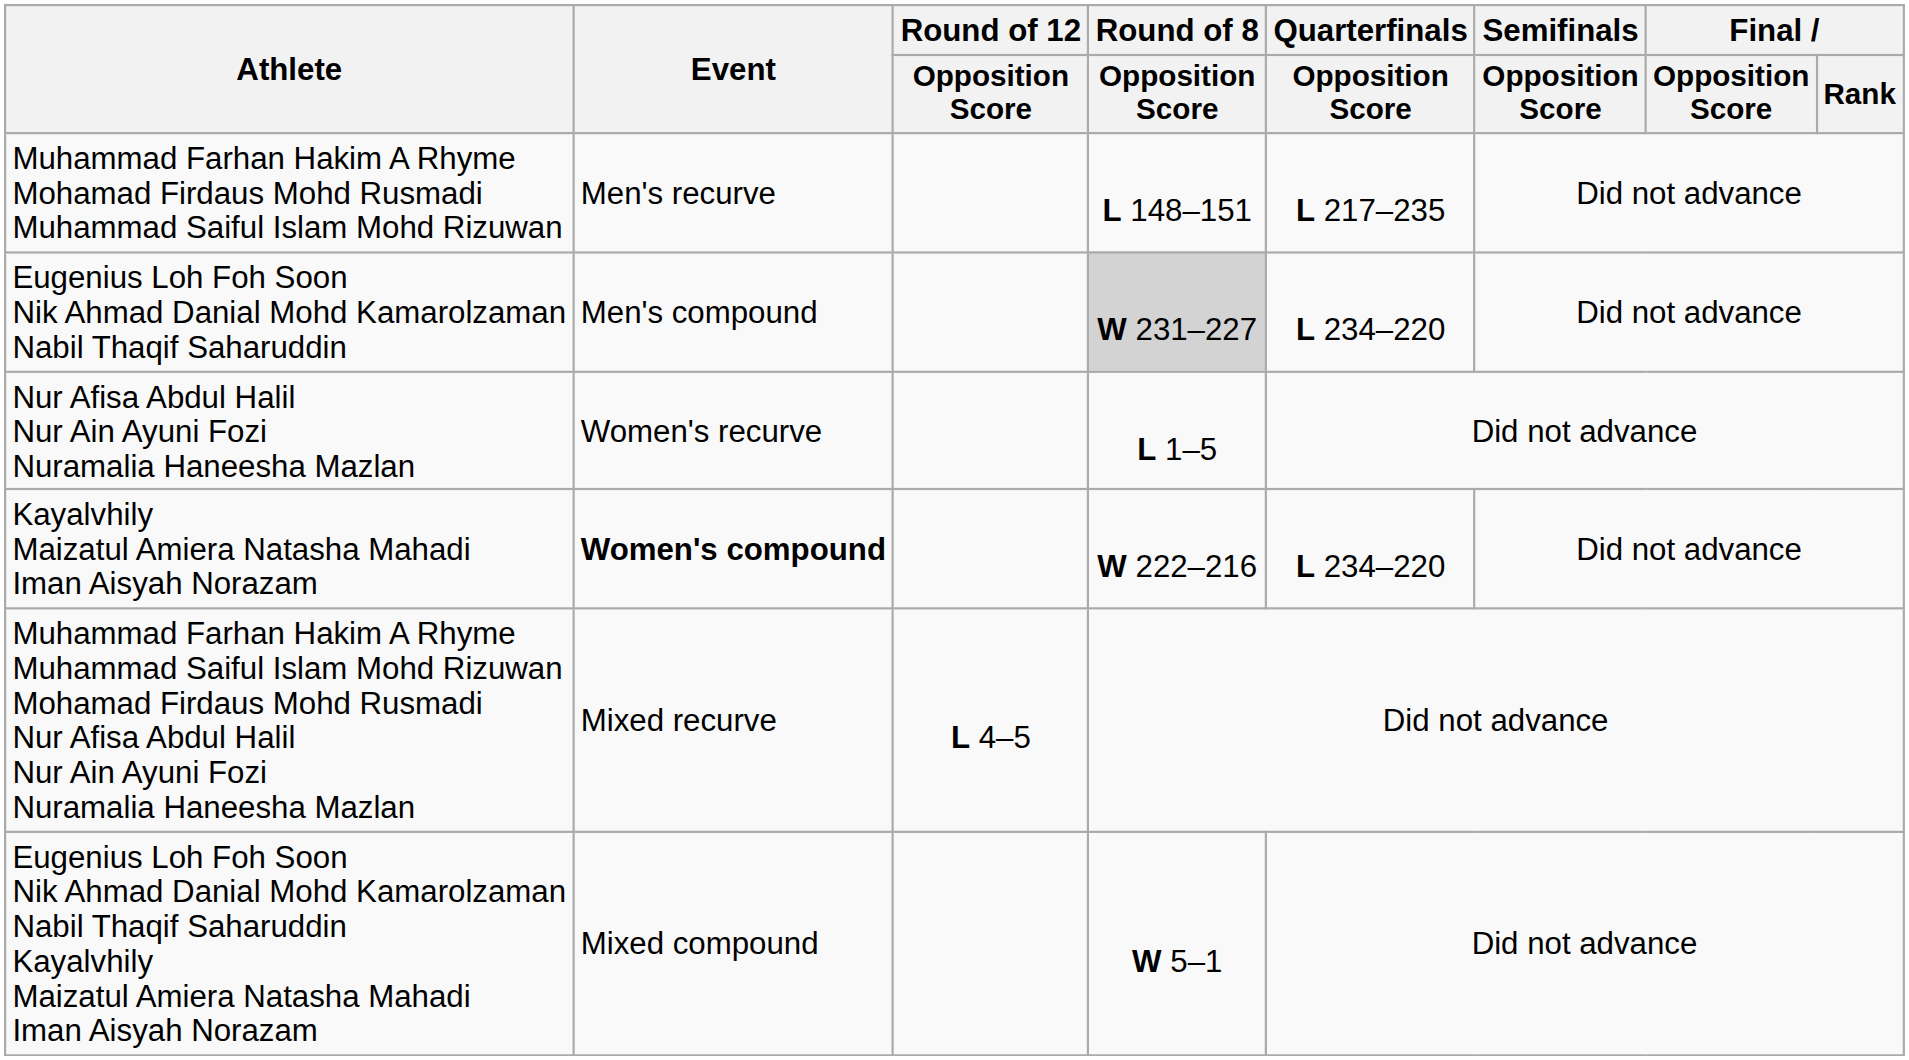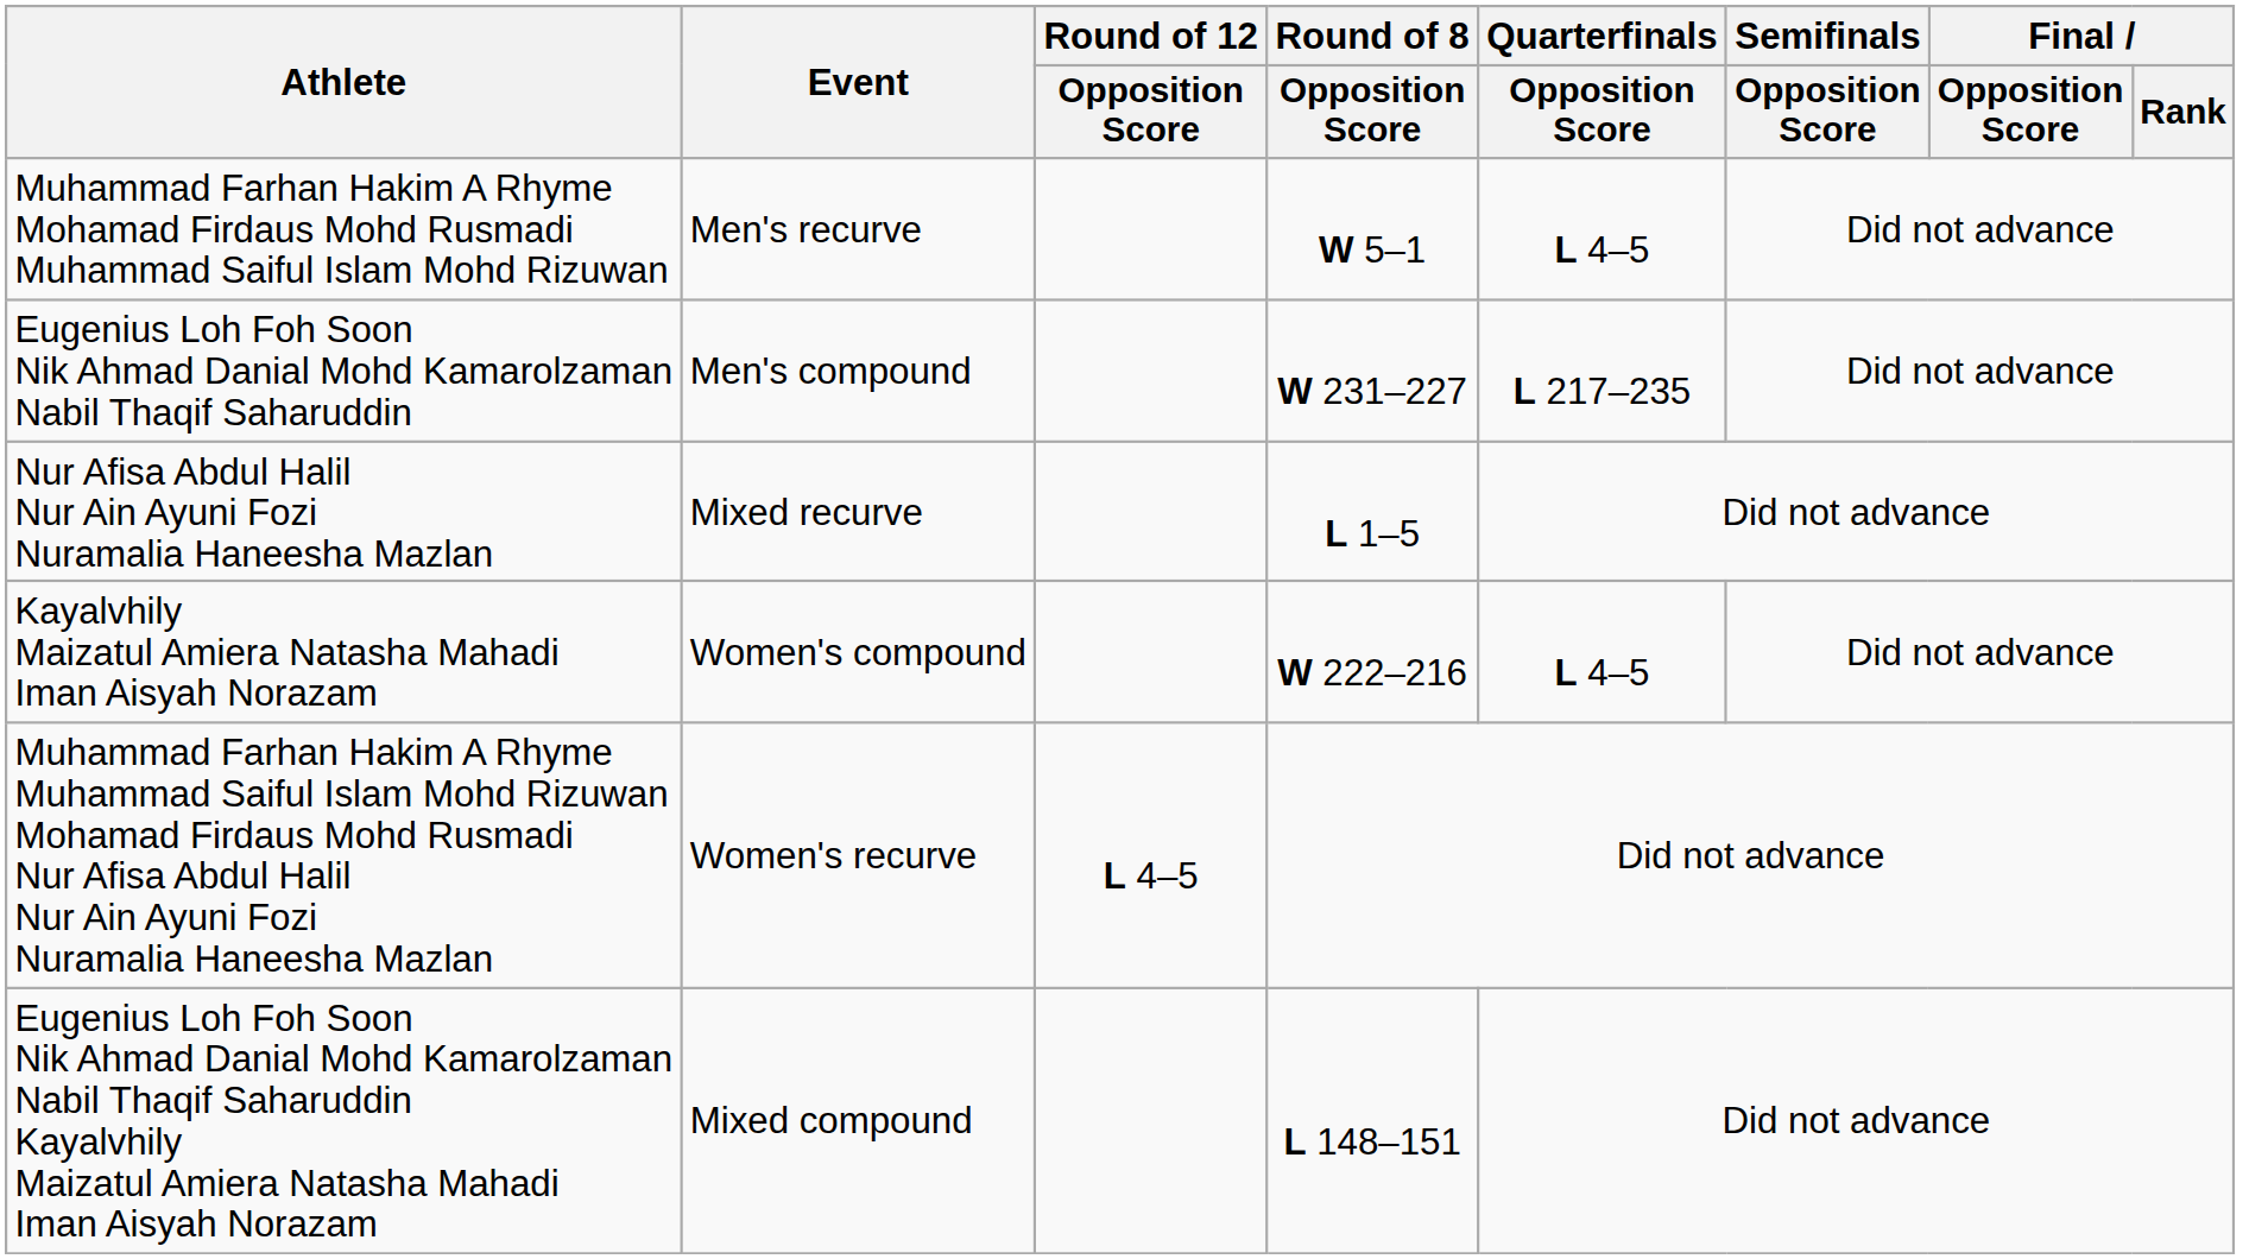 <table class="wikitable" style="font-size:90%; text-align:center">
 <tr>
 <th rowspan=2>Athlete</th>
 <th rowspan=2>Event</th>
 <th>Round of 12</th>
 <th>Round of 8</th>
 <th>Quarterfinals</th>
 <th>Semifinals</th>
 <th colspan="2">Final / </th>
 </tr>
 <tr style="font-size:95%">
 <th>Opposition<br>Score</th>
 <th>Opposition<br>Score</th>
 <th>Opposition<br>Score</th>
 <th>Opposition<br>Score</th>
 <th>Opposition<br>Score</th>
 <th>Rank</th>
 </tr>
 <tr align=center>
 <td align=left>Muhammad Farhan Hakim A Rhyme <br> Mohamad Firdaus Mohd Rusmadi <br> Muhammad Saiful Islam Mohd Rizuwan</td>
 <td align=left>Men's recurve</td>
 <td></td>
-<td><br><strong>L</strong> 148–151</td>
-<td><br><strong>L</strong> 217–235</td>
+<td><br><strong>W</strong> 5–1</td>
+<td><br><strong>L</strong> 4–5</td>
 <td colspan="3">Did not advance</td>
 </tr>
 <tr align=center>
 <td align=left>Eugenius Loh Foh Soon <br> Nik Ahmad Danial Mohd Kamarolzaman <br> Nabil Thaqif Saharuddin</td>
 <td align=left>Men's compound</td>
 <td></td>
-<td style="background: lightgrey;"><br><strong>W</strong> 231–227</td>
-<td><br><strong>L</strong> 234–220</td>
+<td><br><strong>W</strong> 231–227</td>
+<td><br><strong>L</strong> 217–235</td>
 <td colspan="3">Did not advance</td>
 </tr>
 <tr align=center>
 <td align=left>Nur Afisa Abdul Halil <br> Nur Ain Ayuni Fozi <br> Nuramalia Haneesha Mazlan</td>
-<td align=left>Women's recurve</td>
+<td align=left>Mixed recurve</td>
 <td></td>
 <td><br><strong>L</strong> 1–5</td>
 <td colspan="4">Did not advance</td>
 </tr>
 <tr align=center>
 <td align=left>Kayalvhily <br> Maizatul Amiera Natasha Mahadi <br> Iman Aisyah Norazam</td>
-<td align=left><strong>Women's compound</strong></td>
+<td align=left>Women's compound</td>
 <td></td>
 <td><br><strong>W</strong> 222–216</td>
-<td><br><strong>L</strong> 234–220</td>
+<td><br><strong>L</strong> 4–5</td>
 <td colspan="3">Did not advance</td>
 </tr>
 <tr align=center>
 <td align=left>Muhammad Farhan Hakim A Rhyme <br> Muhammad Saiful Islam Mohd Rizuwan <br> Mohamad Firdaus Mohd Rusmadi <br> Nur Afisa Abdul Halil <br> Nur Ain Ayuni Fozi <br> Nuramalia Haneesha Mazlan</td>
-<td align=left>Mixed recurve</td>
+<td align=left>Women's recurve</td>
 <td><br><strong>L</strong> 4–5</td>
 <td colspan="5">Did not advance</td>
 </tr>
 <tr align=center>
 <td align=left>Eugenius Loh Foh Soon <br> Nik Ahmad Danial Mohd Kamarolzaman <br> Nabil Thaqif Saharuddin <br> Kayalvhily <br> Maizatul Amiera Natasha Mahadi <br> Iman Aisyah Norazam</td>
 <td align=left>Mixed compound</td>
 <td></td>
-<td><br><strong>W</strong> 5–1</td>
+<td><br><strong>L</strong> 148–151</td>
 <td colspan="4">Did not advance</td>
 </tr>
 </table>
